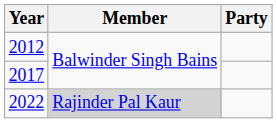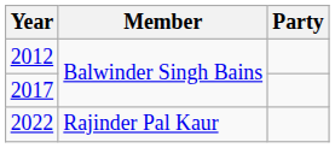 <table class="wikitable sortable">
 <tr>
 <th>Year</th>
 <th>Member</th>
 <th colspan="2">Party</th>
 </tr>
 <tr>
 <td><a href='#'>2012</a></td>
 <td rowspan=2><a href='#'>Balwinder Singh Bains</a></td>
 <td></td>
 </tr>
 <tr>
 <td><a href='#'>2017</a></td>
 <td></td>
 </tr>
 <tr>
 <td><a href='#'>2022</a></td>
-<td style="background: lightgrey;"><a href='#'>Rajinder Pal Kaur</a></td>
+<td><a href='#'>Rajinder Pal Kaur</a></td>
 <td></td>
 </tr>
 </table>
